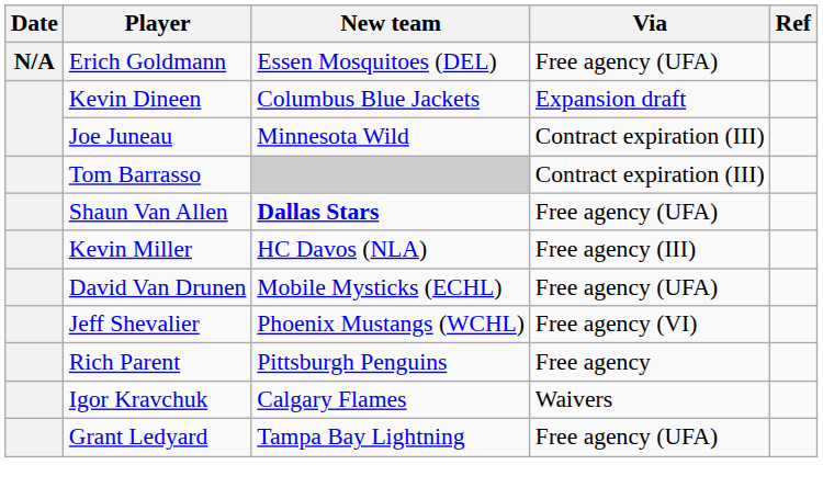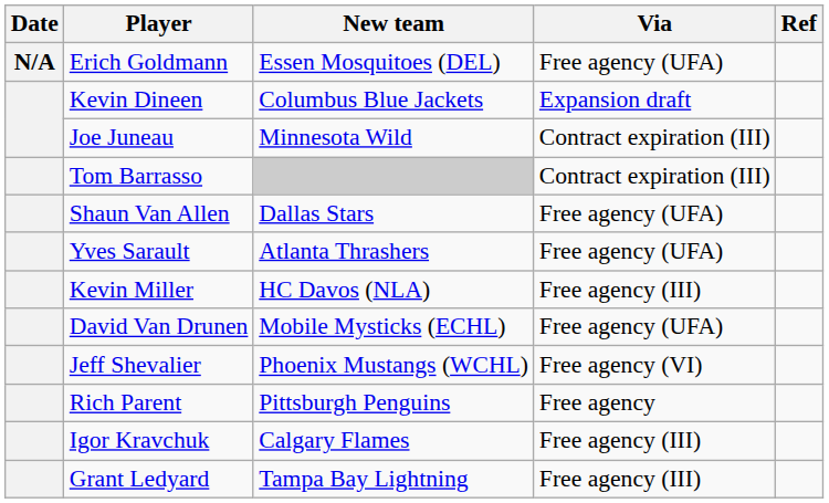 <table class="wikitable plainrowheaders">
 <tr style="background:#ddd; text-align:center;">
 <th>Date</th>
 <th>Player</th>
 <th>New team</th>
 <th>Via</th>
 <th>Ref</th>
 </tr>
 <tr>
 <th scope="row">N/A</th>
 <td><a href='#'>Erich Goldmann</a></td>
 <td><a href='#'>Essen Mosquitoes</a> (<a href='#'>DEL</a>)</td>
 <td>Free agency (UFA)</td>
 <td></td>
 </tr>
 <tr>
 <th scope="row" rowspan=2></th>
 <td><a href='#'>Kevin Dineen</a></td>
 <td><a href='#'>Columbus Blue Jackets</a></td>
 <td><a href='#'>Expansion draft</a></td>
 <td></td>
 </tr>
 <tr>
 <td><a href='#'>Joe Juneau</a></td>
 <td><a href='#'>Minnesota Wild</a></td>
 <td>Contract expiration (III)</td>
 <td></td>
 </tr>
 <tr>
 <th scope="row"></th>
 <td><a href='#'>Tom Barrasso</a></td>
 <td style="background:#ccc"></td>
 <td>Contract expiration (III)</td>
 <td></td>
 </tr>
 <tr>
 <th scope="row"></th>
 <td><a href='#'>Shaun Van Allen</a></td>
-<td><strong><a href='#'>Dallas Stars</a></strong></td>
+<td><a href='#'>Dallas Stars</a></td>
+<td>Free agency (UFA)</td>
+<td></td>
+</tr>
+<tr>
+<th scope="row"></th>
+<td><a href='#'>Yves Sarault</a></td>
+<td><a href='#'>Atlanta Thrashers</a></td>
 <td>Free agency (UFA)</td>
 <td></td>
 </tr>
 <tr>
 <th scope="row"></th>
 <td><a href='#'>Kevin Miller</a></td>
 <td><a href='#'>HC Davos</a> (<a href='#'>NLA</a>)</td>
 <td>Free agency (III)</td>
 <td></td>
 </tr>
 <tr>
 <th scope="row"></th>
 <td><a href='#'>David Van Drunen</a></td>
 <td><a href='#'>Mobile Mysticks</a> (<a href='#'>ECHL</a>)</td>
 <td>Free agency (UFA)</td>
 <td></td>
 </tr>
 <tr>
 <th scope="row"></th>
 <td><a href='#'>Jeff Shevalier</a></td>
 <td><a href='#'>Phoenix Mustangs</a> (<a href='#'>WCHL</a>)</td>
 <td>Free agency (VI)</td>
 <td></td>
 </tr>
 <tr>
 <th scope="row"></th>
 <td><a href='#'>Rich Parent</a></td>
 <td><a href='#'>Pittsburgh Penguins</a></td>
 <td>Free agency</td>
 <td></td>
 </tr>
 <tr>
 <th scope="row"></th>
 <td><a href='#'>Igor Kravchuk</a></td>
 <td><a href='#'>Calgary Flames</a></td>
-<td>Waivers</td>
+<td>Free agency (III)</td>
 <td></td>
 </tr>
 <tr>
 <th scope="row"></th>
 <td><a href='#'>Grant Ledyard</a></td>
 <td><a href='#'>Tampa Bay Lightning</a></td>
-<td>Free agency (UFA)</td>
+<td>Free agency (III)</td>
 <td></td>
 </tr>
 </table>
